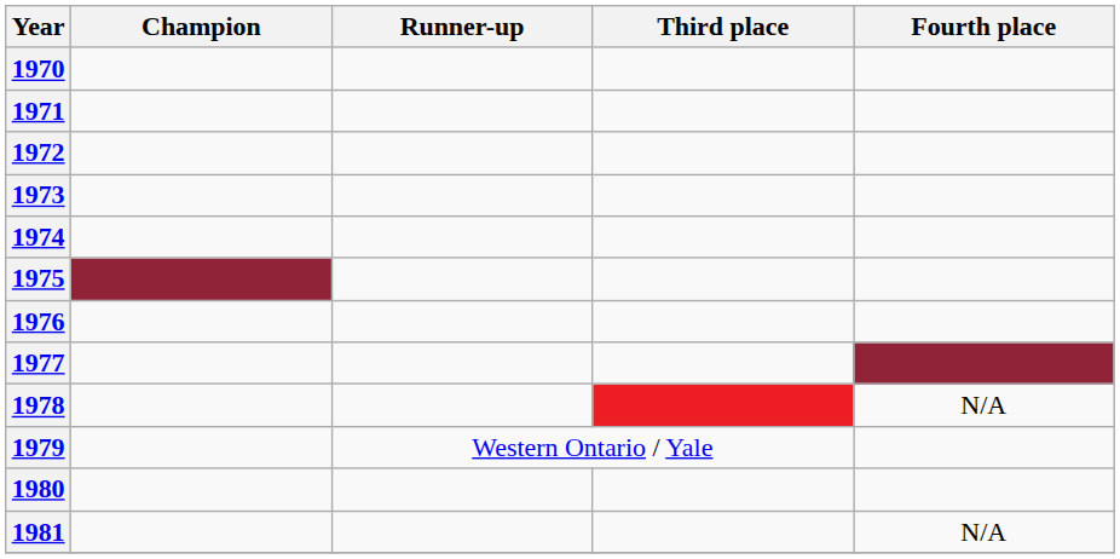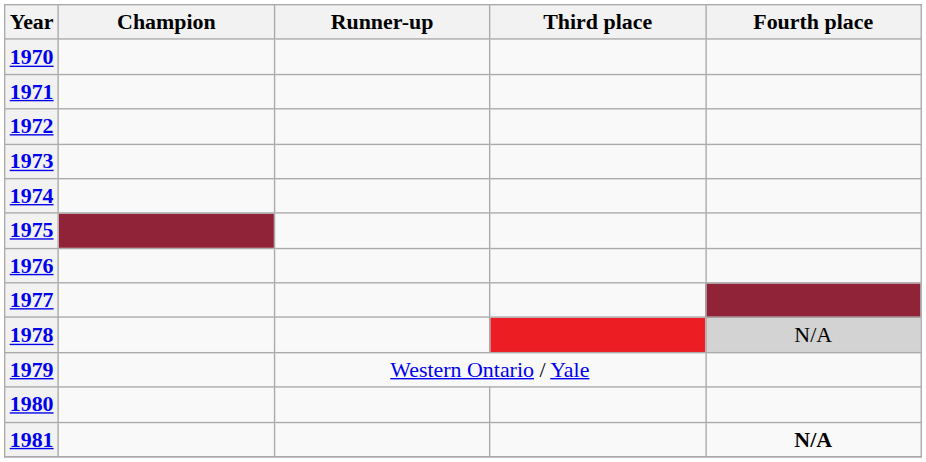 <table class="wikitable" style="text-align:center" cellpadding=2 cellspacing=2>
 <tr>
 <th>Year</th>
 <th scope="col" width="150">Champion</th>
 <th scope="col" width="150">Runner-up</th>
 <th scope="col" width="150">Third place</th>
 <th scope="col" width="150">Fourth place</th>
 </tr>
 <tr>
 <th><a href='#'>1970</a></th>
 <td><strong><a href='#'></a></strong></td>
 <td><a href='#'></a></td>
 <td><a href='#'></a></td>
 <td><a href='#'></a></td>
 </tr>
 <tr>
 <th><a href='#'>1971</a></th>
 <td><strong><a href='#'></a></strong></td>
 <td><a href='#'></a></td>
 <td><a href='#'></a></td>
 <td><a href='#'></a></td>
 </tr>
 <tr>
 <th><a href='#'>1972</a></th>
 <td><strong><a href='#'></a></strong></td>
 <td><a href='#'></a></td>
 <td><a href='#'></a></td>
 <td><a href='#'></a></td>
 </tr>
 <tr>
 <th><a href='#'>1973</a></th>
 <td><strong><a href='#'></a></strong></td>
 <td><a href='#'></a></td>
 <td><a href='#'></a></td>
 <td><a href='#'></a></td>
 </tr>
 <tr>
 <th><a href='#'>1974</a></th>
 <td><strong><a href='#'></a></strong></td>
 <td><a href='#'></a></td>
 <td><a href='#'></a></td>
 <td><a href='#'></a></td>
 </tr>
 <tr>
 <th><a href='#'>1975</a></th>
 <td style="color:white; background:#912338; "><strong><a href='#'></a></strong></td>
 <td><a href='#'></a></td>
 <td><a href='#'></a></td>
 <td><a href='#'></a></td>
 </tr>
 <tr>
 <th><a href='#'>1976</a></th>
 <td><strong><a href='#'></a></strong></td>
 <td><a href='#'></a></td>
 <td><a href='#'></a></td>
 <td><a href='#'></a></td>
 </tr>
 <tr>
 <th><a href='#'>1977</a></th>
 <td><strong><a href='#'></a></strong></td>
 <td><a href='#'></a></td>
 <td><a href='#'></a></td>
 <td style="color:white; background:#912338; "><a href='#'></a></td>
 </tr>
 <tr>
 <th><a href='#'>1978</a></th>
 <td><strong><a href='#'></a></strong></td>
 <td><a href='#'></a></td>
 <td style="color:white; background:#ed1d24; "><a href='#'></a></td>
-<td>N/A</td>
+<td style="background: lightgrey;">N/A</td>
 </tr>
 <tr>
 <th><a href='#'>1979</a></th>
 <td><strong><a href='#'></a></strong></td>
 <td Colspan=2><a href='#'>Western Ontario</a> / <a href='#'>Yale</a></td>
 <td><a href='#'></a></td>
 </tr>
 <tr>
 <th><a href='#'>1980</a></th>
 <td><strong><a href='#'></a></strong></td>
 <td><a href='#'></a></td>
 <td><a href='#'></a></td>
 <td><a href='#'></a></td>
 </tr>
 <tr>
 <th><a href='#'>1981</a></th>
 <td><strong><a href='#'></a></strong></td>
 <td><a href='#'></a></td>
 <td><a href='#'></a></td>
-<td>N/A</td>
+<td><strong>N/A</strong></td>
 </tr>
 <tr>
 </tr>
 </table>
